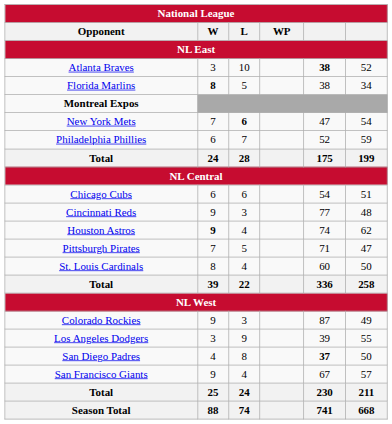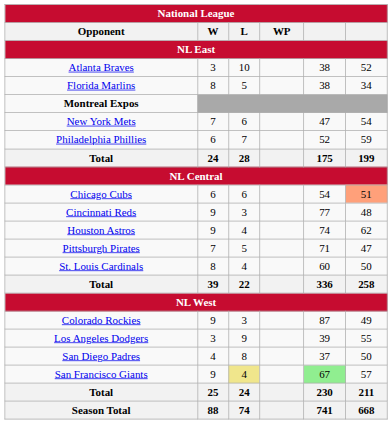 <table class="wikitable" style="font-size:95%; text-align:center; width:35em;margin: 0.5em auto;">
 <tr>
 <th colspan="7" style="background:#c60c30; color:#ffffff;">National League</th>
 </tr>
 <tr>
 <th>Opponent</th>
 <th>W</th>
 <th>L</th>
 <th>WP</th>
 <th></th>
 <th></th>
 </tr>
 <tr>
 <th colspan="7" style="background:#c60c30; color:#ffffff;">NL East</th>
 </tr>
 <tr>
 <td><a href='#'>Atlanta Braves</a></td>
 <td>3</td>
 <td>10</td>
 <td></td>
-<td><strong>38</strong></td>
+<td>38</td>
 <td>52</td>
 </tr>
 <tr>
 <td><a href='#'>Florida Marlins</a></td>
-<td><strong>8</strong></td>
+<td>8</td>
 <td>5</td>
 <td></td>
 <td>38</td>
 <td>34</td>
 </tr>
 <tr>
 <td><strong>Montreal Expos</strong></td>
 <td colspan=5 style="background:darkgray;"></td>
 </tr>
 <tr>
 <td><a href='#'>New York Mets</a></td>
 <td>7</td>
-<td><strong>6</strong></td>
+<td>6</td>
 <td></td>
 <td>47</td>
 <td>54</td>
 </tr>
 <tr>
 <td><a href='#'>Philadelphia Phillies</a></td>
 <td>6</td>
 <td>7</td>
 <td></td>
 <td>52</td>
 <td>59</td>
 </tr>
 <tr>
 <th>Total</th>
 <th>24</th>
 <th>28</th>
 <th></th>
 <th>175</th>
 <th>199</th>
 </tr>
 <tr>
 <th colspan="7" style="background:#c60c30; color:#ffffff;">NL Central</th>
 </tr>
 <tr>
 <td><a href='#'>Chicago Cubs</a></td>
 <td>6</td>
 <td>6</td>
 <td></td>
 <td>54</td>
-<td>51</td>
+<td style="background: lightsalmon;">51</td>
 </tr>
 <tr>
 <td><a href='#'>Cincinnati Reds</a></td>
 <td>9</td>
 <td>3</td>
 <td></td>
 <td>77</td>
 <td>48</td>
 </tr>
 <tr>
 <td><a href='#'>Houston Astros</a></td>
-<td><strong>9</strong></td>
+<td>9</td>
 <td>4</td>
 <td></td>
 <td>74</td>
 <td>62</td>
 </tr>
 <tr>
 <td><a href='#'>Pittsburgh Pirates</a></td>
 <td>7</td>
 <td>5</td>
 <td></td>
 <td>71</td>
 <td>47</td>
 </tr>
 <tr>
 <td><a href='#'>St. Louis Cardinals</a></td>
 <td>8</td>
 <td>4</td>
 <td></td>
 <td>60</td>
 <td>50</td>
 </tr>
 <tr>
 <th>Total</th>
 <th>39</th>
 <th>22</th>
 <th></th>
 <th>336</th>
 <th>258</th>
 </tr>
 <tr>
 <th colspan="7" style="background:#c60c30; color:#ffffff;">NL West</th>
 </tr>
 <tr>
 <td><a href='#'>Colorado Rockies</a></td>
 <td>9</td>
 <td>3</td>
 <td></td>
 <td>87</td>
 <td>49</td>
 </tr>
 <tr>
 <td><a href='#'>Los Angeles Dodgers</a></td>
 <td>3</td>
 <td>9</td>
 <td></td>
 <td>39</td>
 <td>55</td>
 </tr>
 <tr>
 <td><a href='#'>San Diego Padres</a></td>
 <td>4</td>
 <td>8</td>
 <td></td>
-<td><strong>37</strong></td>
+<td>37</td>
 <td>50</td>
 </tr>
 <tr>
 <td><a href='#'>San Francisco Giants</a></td>
 <td>9</td>
-<td>4</td>
+<td style="background: khaki;">4</td>
 <td></td>
-<td>67</td>
+<td style="background: lightgreen;">67</td>
 <td>57</td>
 </tr>
 <tr>
 <th>Total</th>
 <th>25</th>
 <th>24</th>
 <th></th>
 <th>230</th>
 <th>211</th>
 </tr>
 <tr>
 <th>Season Total</th>
 <th>88</th>
 <th>74</th>
 <th></th>
 <th>741</th>
 <th>668</th>
 </tr>
 </table>
